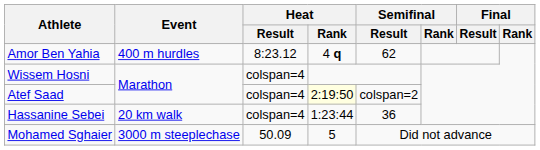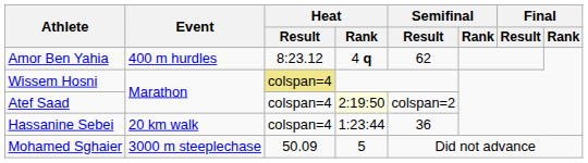 <table class="wikitable" style="font-size:90%">
 <tr>
 <th rowspan="2">Athlete</th>
 <th rowspan="2">Event</th>
 <th colspan="2">Heat</th>
 <th colspan="2">Semifinal</th>
 <th colspan="2">Final</th>
 </tr>
 <tr style="font-size:95%">
 <th>Result</th>
 <th>Rank</th>
 <th>Result</th>
 <th>Rank</th>
 <th>Result</th>
 <th>Rank</th>
 </tr>
 <tr align=center>
 <td align=left><a href='#'>Amor Ben Yahia</a></td>
 <td align=left><a href='#'>400 m hurdles</a></td>
 <td>8:23.12</td>
 <td>4 <strong>q</strong></td>
 <td>62</td>
 <td colspan=2></td>
 </tr>
 <tr align=center>
 <td align=left><a href='#'>Wissem Hosni</a></td>
 <td align=left rowspan=2><a href='#'>Marathon</a></td>
-<td>colspan=4 </td>
+<td style="background: khaki;">colspan=4 </td>
 <td colspan=2></td>
 </tr>
 <tr align=center>
 <td align=left><a href='#'>Atef Saad</a></td>
 <td>colspan=4 </td>
 <td style="background: lightyellow;">2:19:50</td>
 <td>colspan=2 </td>
 </tr>
 <tr align=center>
 <td align=left><a href='#'>Hassanine Sebei</a></td>
 <td align=left><a href='#'>20 km walk</a></td>
 <td>colspan=4 </td>
 <td>1:23:44</td>
 <td>36</td>
 </tr>
 <tr align=center>
 <td align=left><a href='#'>Mohamed Sghaier</a></td>
 <td align=left><a href='#'>3000 m steeplechase</a></td>
 <td>50.09</td>
 <td>5</td>
 <td colspan=4>Did not advance</td>
 </tr>
 </table>
